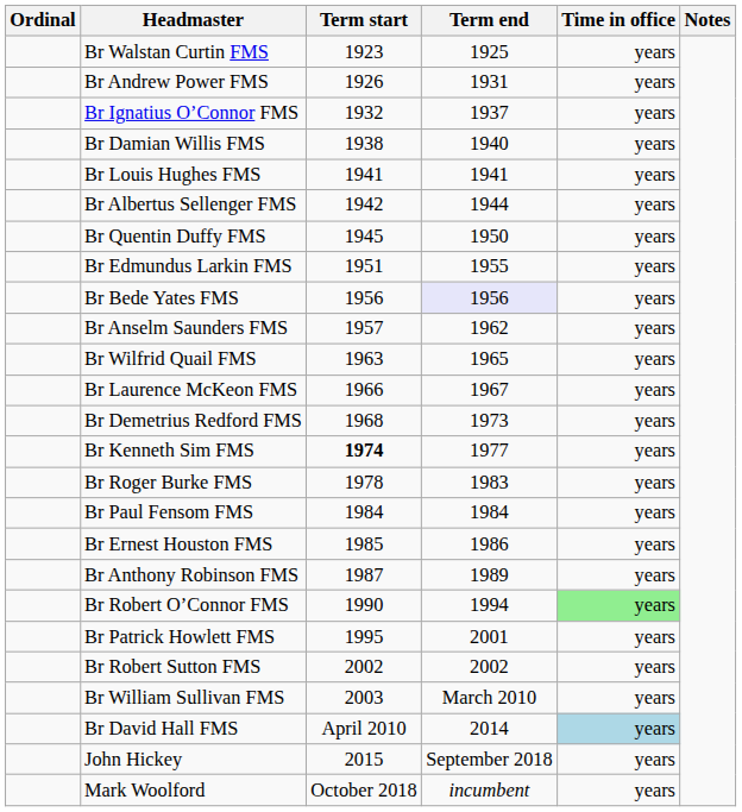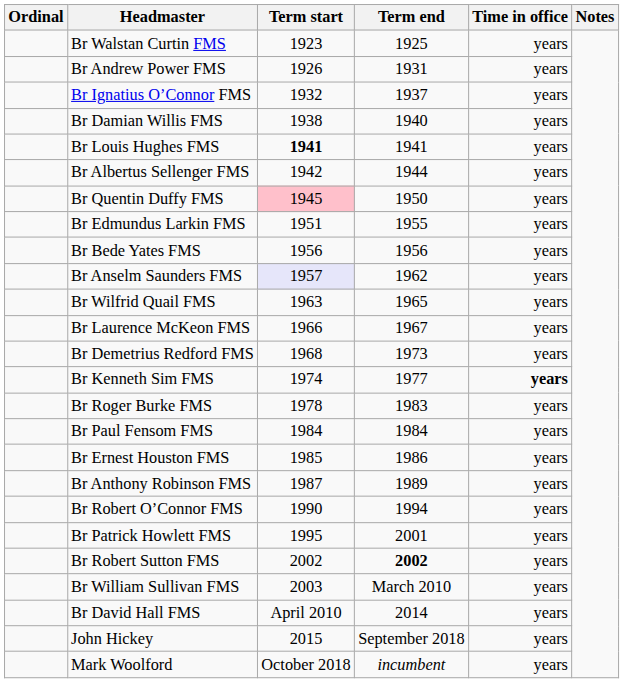 <table class="wikitable">
 <tr>
 <th>Ordinal</th>
 <th>Headmaster</th>
 <th>Term start</th>
 <th>Term end</th>
 <th>Time in office</th>
 <th>Notes</th>
 </tr>
 <tr>
 <td align=center></td>
 <td>Br Walstan Curtin <a href='#'>FMS</a></td>
 <td align=center>1923</td>
 <td align=center>1925</td>
 <td align=right> years</td>
 <td rowspan=25></td>
 </tr>
 <tr>
 <td align=center></td>
 <td>Br Andrew Power FMS</td>
 <td align=center>1926</td>
 <td align=center>1931</td>
 <td align=right> years</td>
 </tr>
 <tr>
 <td align=center></td>
 <td><a href='#'>Br Ignatius O’Connor</a> FMS</td>
 <td align=center>1932</td>
 <td align=center>1937</td>
 <td align=right> years</td>
 </tr>
 <tr>
 <td align=center></td>
 <td>Br Damian Willis FMS</td>
 <td align=center>1938</td>
 <td align=center>1940</td>
 <td align=right> years</td>
 </tr>
 <tr>
 <td align=center></td>
 <td>Br Louis Hughes FMS</td>
-<td align=center>1941</td>
+<td align=center><strong>1941</strong></td>
 <td align=center>1941</td>
 <td align=right> years</td>
 </tr>
 <tr>
 <td align=center></td>
 <td>Br Albertus Sellenger FMS</td>
 <td align=center>1942</td>
 <td align=center>1944</td>
 <td align=right> years</td>
 </tr>
 <tr>
 <td align=center></td>
 <td>Br Quentin Duffy FMS</td>
-<td align=center>1945</td>
+<td align=center style="background: pink;">1945</td>
 <td align=center>1950</td>
 <td align=right> years</td>
 </tr>
 <tr>
 <td align=center></td>
 <td>Br Edmundus Larkin FMS</td>
 <td align=center>1951</td>
 <td align=center>1955</td>
 <td align=right> years</td>
 </tr>
 <tr>
 <td align=center></td>
 <td>Br Bede Yates FMS</td>
 <td align=center>1956</td>
-<td align=center style="background: lavender;">1956</td>
+<td align=center>1956</td>
 <td align=right> years</td>
 </tr>
 <tr>
 <td align=center></td>
 <td>Br Anselm Saunders FMS</td>
-<td align=center>1957</td>
+<td align=center style="background: lavender;">1957</td>
 <td align=center>1962</td>
 <td align=right> years</td>
 </tr>
 <tr>
 <td align=center></td>
 <td>Br Wilfrid Quail FMS</td>
 <td align=center>1963</td>
 <td align=center>1965</td>
 <td align=right> years</td>
 </tr>
 <tr>
 <td align=center></td>
 <td>Br Laurence McKeon FMS</td>
 <td align=center>1966</td>
 <td align=center>1967</td>
 <td align=right> years</td>
 </tr>
 <tr>
 <td align=center></td>
 <td>Br Demetrius Redford FMS</td>
 <td align=center>1968</td>
 <td align=center>1973</td>
 <td align=right> years</td>
 </tr>
 <tr>
 <td align=center></td>
 <td>Br Kenneth Sim FMS</td>
-<td align=center><strong>1974</strong></td>
+<td align=center>1974</td>
 <td align=center>1977</td>
-<td align=right> years</td>
+<td align=right><strong> years</strong></td>
 </tr>
 <tr>
 <td align=center></td>
 <td>Br Roger Burke FMS</td>
 <td align=center>1978</td>
 <td align=center>1983</td>
 <td align=right> years</td>
 </tr>
 <tr>
 <td align=center></td>
 <td>Br Paul Fensom FMS</td>
 <td align=center>1984</td>
 <td align=center>1984</td>
 <td align=right> years</td>
 </tr>
 <tr>
 <td align=center></td>
 <td>Br Ernest Houston FMS</td>
 <td align=center>1985</td>
 <td align=center>1986</td>
 <td align=right> years</td>
 </tr>
 <tr>
 <td align=center></td>
 <td>Br Anthony Robinson FMS</td>
 <td align=center>1987</td>
 <td align=center>1989</td>
 <td align=right> years</td>
 </tr>
 <tr>
 <td align=center></td>
 <td>Br Robert O’Connor FMS</td>
 <td align=center>1990</td>
 <td align=center>1994</td>
-<td align=right style="background: lightgreen;"> years</td>
+<td align=right> years</td>
 </tr>
 <tr>
 <td align=center></td>
 <td>Br Patrick Howlett FMS</td>
 <td align=center>1995</td>
 <td align=center>2001</td>
 <td align=right> years</td>
 </tr>
 <tr>
 <td align=center></td>
 <td>Br Robert Sutton FMS</td>
 <td align=center>2002</td>
-<td align=center>2002</td>
+<td align=center><strong>2002</strong></td>
 <td align=right> years</td>
 </tr>
 <tr>
 <td align=center></td>
 <td>Br William Sullivan FMS</td>
 <td align=center>2003</td>
 <td align=center>March 2010</td>
 <td align=right> years</td>
 </tr>
 <tr>
 <td align=center></td>
 <td>Br David Hall FMS</td>
 <td align=center>April 2010</td>
 <td align=center>2014</td>
-<td align=right style="background: lightblue;"> years</td>
+<td align=right> years</td>
 </tr>
 <tr>
 <td align=center></td>
 <td>John Hickey</td>
 <td align=center>2015</td>
 <td align=center>September 2018</td>
 <td align=right> years</td>
 </tr>
 <tr>
 <td align=center></td>
 <td>Mark Woolford</td>
 <td align=center>October 2018</td>
 <td align=center><em>incumbent</em></td>
 <td align=right> years</td>
 </tr>
 </table>
